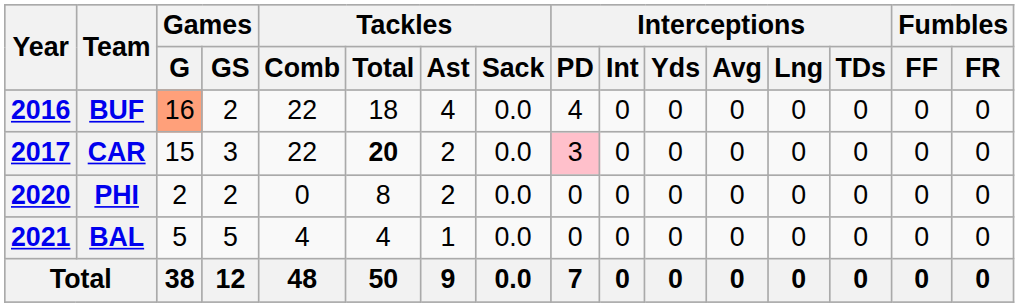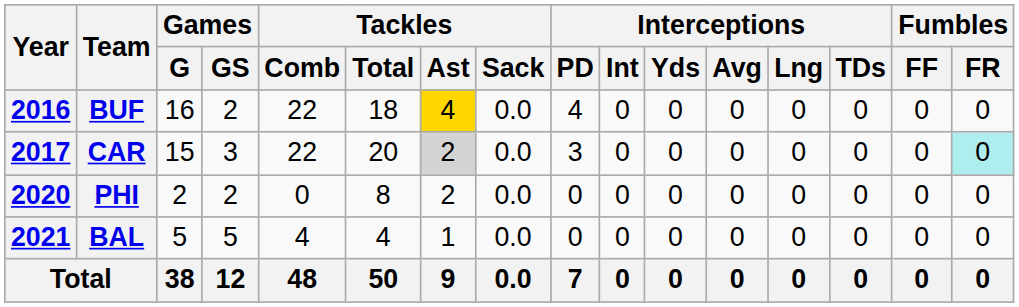 <table class="wikitable" style="text-align: center;">
 <tr>
 <th rowspan="2">Year</th>
 <th rowspan="2">Team</th>
 <th colspan="2">Games</th>
 <th colspan="4">Tackles</th>
 <th colspan="6">Interceptions</th>
 <th colspan="2">Fumbles</th>
 </tr>
 <tr>
 <th>G</th>
 <th>GS</th>
 <th>Comb</th>
 <th>Total</th>
 <th>Ast</th>
 <th>Sack</th>
 <th>PD</th>
 <th>Int</th>
 <th>Yds</th>
 <th>Avg</th>
 <th>Lng</th>
 <th>TDs</th>
 <th>FF</th>
 <th>FR</th>
 </tr>
 <tr>
 <th><a href='#'>2016</a></th>
 <th><a href='#'>BUF</a></th>
-<td style="background: lightsalmon;">16</td>
+<td>16</td>
 <td>2</td>
 <td>22</td>
 <td>18</td>
-<td>4</td>
+<td style="background: gold;">4</td>
 <td>0.0</td>
 <td>4</td>
 <td>0</td>
 <td>0</td>
 <td>0</td>
 <td>0</td>
 <td>0</td>
 <td>0</td>
 <td>0</td>
 </tr>
 <tr>
 <th><a href='#'>2017</a></th>
 <th><a href='#'>CAR</a></th>
 <td>15</td>
 <td>3</td>
 <td>22</td>
-<td><strong>20</strong></td>
-<td>2</td>
+<td>20</td>
+<td style="background: lightgrey;">2</td>
 <td>0.0</td>
-<td style="background: pink;">3</td>
+<td>3</td>
 <td>0</td>
 <td>0</td>
 <td>0</td>
 <td>0</td>
 <td>0</td>
 <td>0</td>
-<td>0</td>
+<td style="background: paleturquoise;">0</td>
 </tr>
 <tr>
 <th><a href='#'>2020</a></th>
 <th><a href='#'>PHI</a></th>
 <td>2</td>
 <td>2</td>
 <td>0</td>
 <td>8</td>
 <td>2</td>
 <td>0.0</td>
 <td>0</td>
 <td>0</td>
 <td>0</td>
 <td>0</td>
 <td>0</td>
 <td>0</td>
 <td>0</td>
 <td>0</td>
 </tr>
 <tr>
 <th><a href='#'>2021</a></th>
 <th><a href='#'>BAL</a></th>
 <td>5</td>
 <td>5</td>
 <td>4</td>
 <td>4</td>
 <td>1</td>
 <td>0.0</td>
 <td>0</td>
 <td>0</td>
 <td>0</td>
 <td>0</td>
 <td>0</td>
 <td>0</td>
 <td>0</td>
 <td>0</td>
 </tr>
 <tr>
 <th colspan="2">Total</th>
 <th>38</th>
 <th>12</th>
 <th>48</th>
 <th>50</th>
 <th>9</th>
 <th>0.0</th>
 <th>7</th>
 <th>0</th>
 <th>0</th>
 <th>0</th>
 <th>0</th>
 <th>0</th>
 <th>0</th>
 <th>0</th>
 </tr>
 </table>
